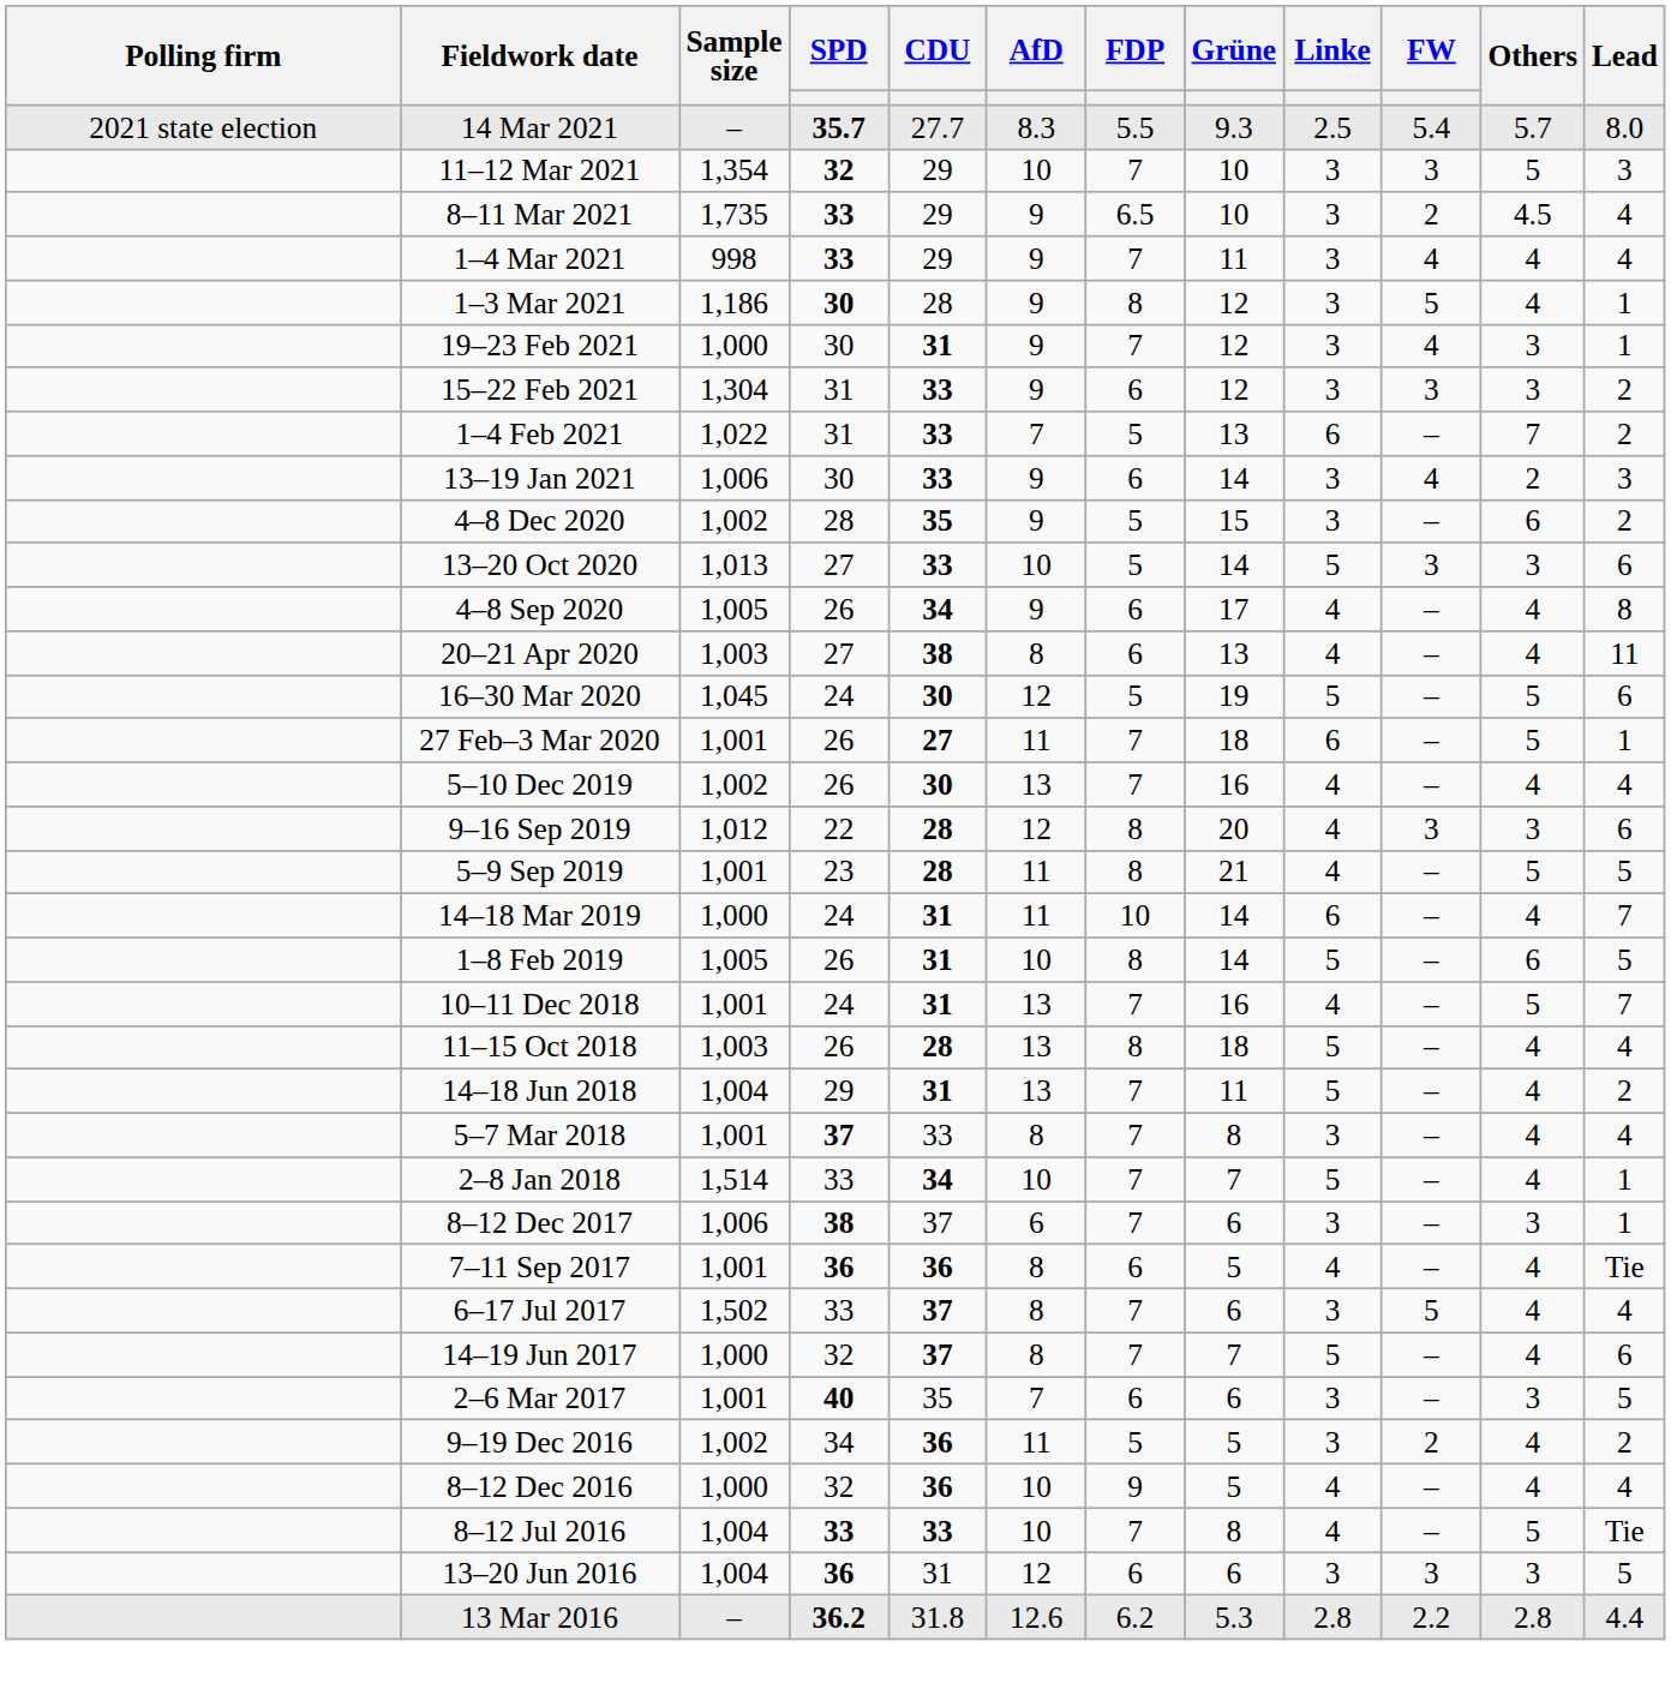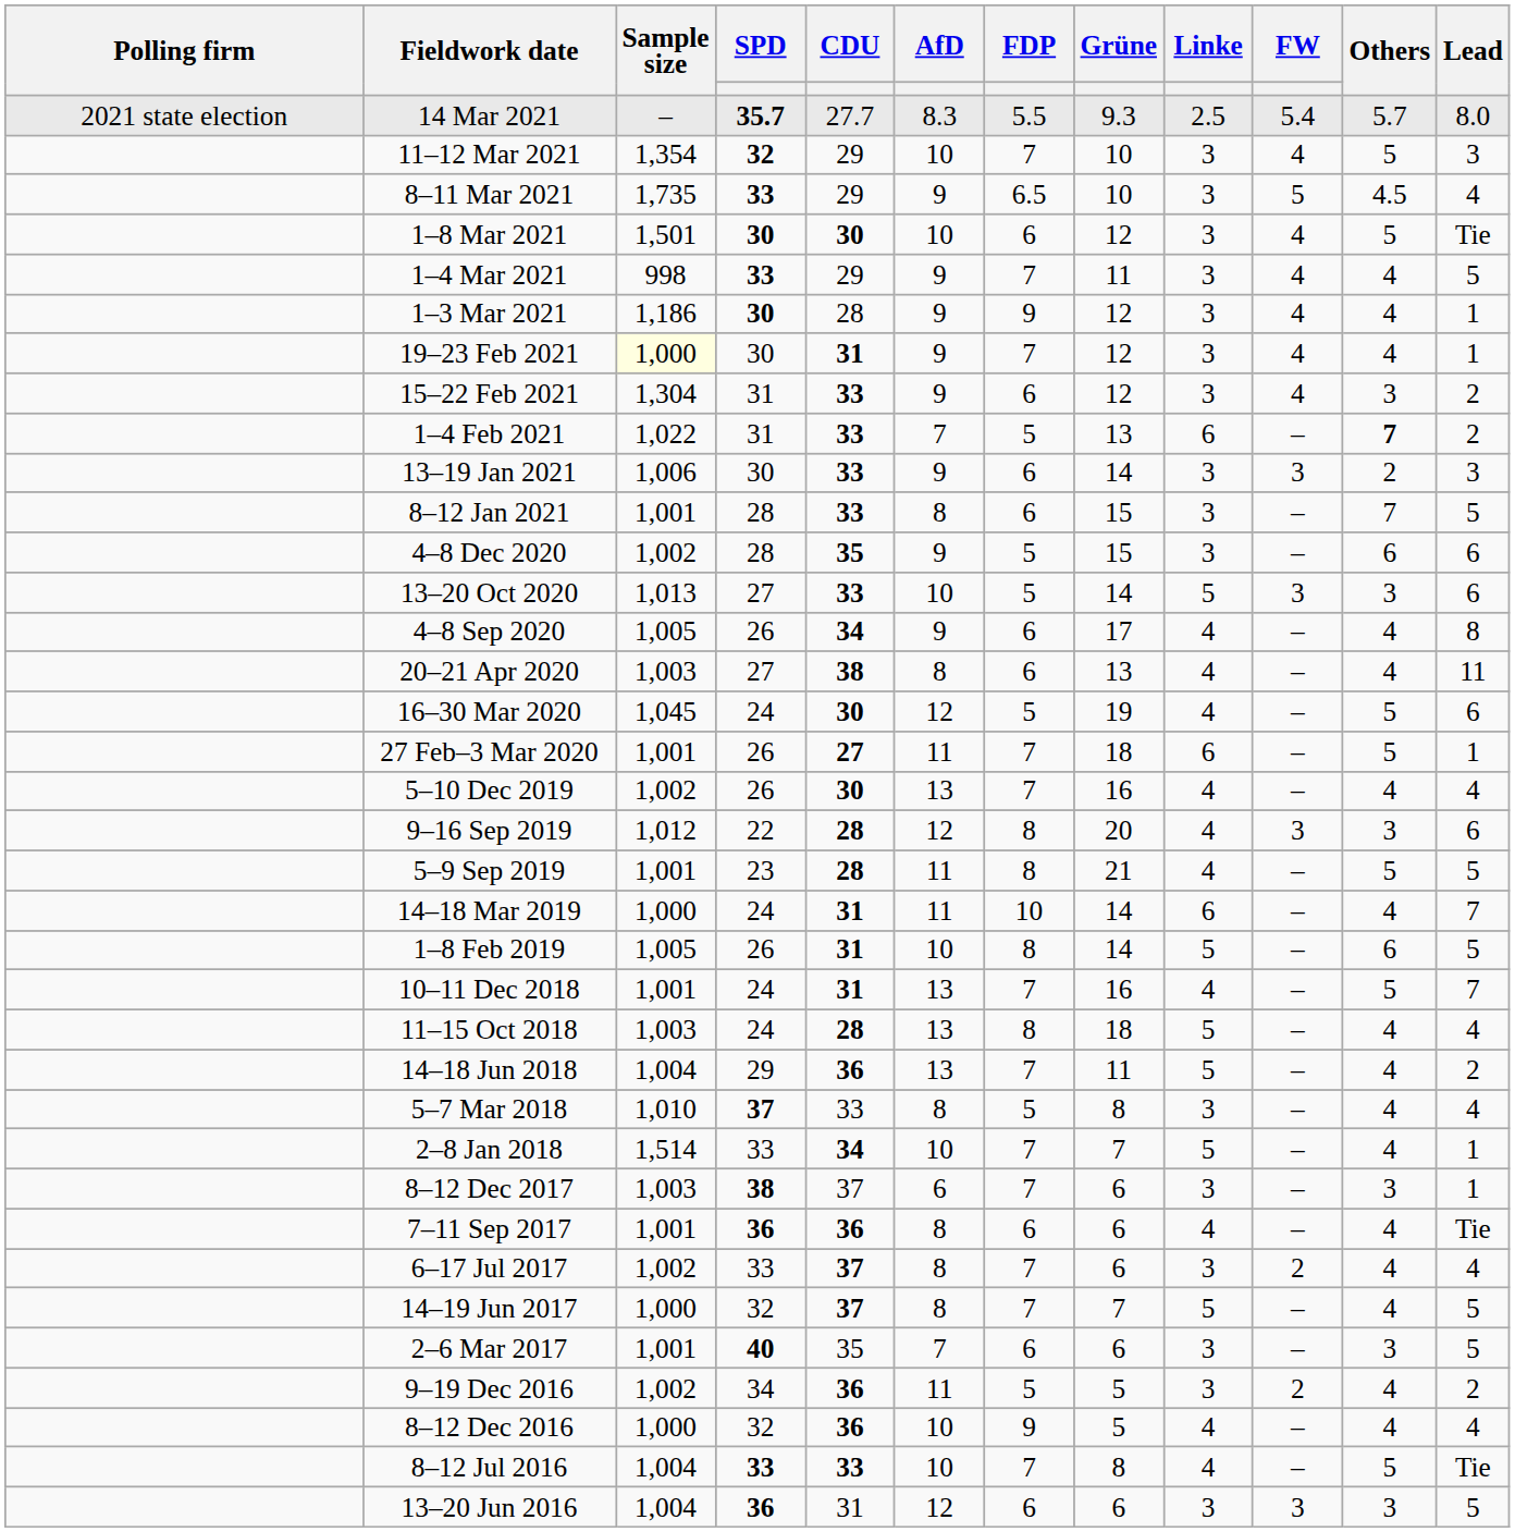 <table class="wikitable sortable" style="text-align:center;font-size:90%;line-height:14px;">
 <tr style="height:40px;">
 <th style="width:180px;" rowspan="2">Polling firm</th>
 <th style="width:125px;" rowspan="2">Fieldwork date</th>
 <th style="width:35px;" rowspan="2">Sample<br>size</th>
 <th class="unsortable" style="width:40px;"><a href='#'>SPD</a></th>
 <th class="unsortable" style="width:40px;"><a href='#'>CDU</a></th>
 <th class="unsortable" style="width:40px;"><a href='#'>AfD</a></th>
 <th class="unsortable" style="width:40px;"><a href='#'>FDP</a></th>
 <th class="unsortable" style="width:40px;"><a href='#'>Grüne</a></th>
 <th class="unsortable" style="width:40px;"><a href='#'>Linke</a></th>
 <th class="unsortable" style="width:40px;"><a href='#'>FW</a></th>
 <th class="unsortable" style="width:40px;" rowspan="2">Others</th>
 <th style="width:30px;" rowspan="2">Lead</th>
 </tr>
 <tr>
 <th style="background:"></th>
 <th style="background:"></th>
 <th style="background:"></th>
 <th style="background:"></th>
 <th style="background:"></th>
 <th style="background:"></th>
 <th style="background:"></th>
 </tr>
 <tr style="background:#E9E9E9;">
 <td>2021 state election</td>
 <td data-sort-value="2021-03-14">14 Mar 2021</td>
 <td>–</td>
 <td><strong>35.7</strong></td>
 <td>27.7</td>
 <td>8.3</td>
 <td>5.5</td>
 <td>9.3</td>
 <td>2.5</td>
 <td>5.4</td>
 <td>5.7</td>
 <td style="background:">8.0</td>
 </tr>
 <tr>
 <td></td>
 <td data-sort-value="2021-03-12">11–12 Mar 2021</td>
 <td>1,354</td>
 <td><strong>32</strong></td>
 <td>29</td>
 <td>10</td>
 <td>7</td>
 <td>10</td>
 <td>3</td>
-<td>3</td>
+<td>4</td>
 <td>5</td>
 <td style="background:">3</td>
 </tr>
 <tr>
 <td></td>
 <td data-sort-value="2021-03-11">8–11 Mar 2021</td>
 <td>1,735</td>
 <td><strong>33</strong></td>
 <td>29</td>
 <td>9</td>
 <td>6.5</td>
 <td>10</td>
 <td>3</td>
-<td>2</td>
+<td>5</td>
 <td>4.5</td>
 <td style="background:">4</td>
+</tr>
+<tr>
+<td></td>
+<td data-sort-value="2021-03-09">1–8 Mar 2021</td>
+<td>1,501</td>
+<td><strong>30</strong></td>
+<td><strong>30</strong></td>
+<td>10</td>
+<td>6</td>
+<td>12</td>
+<td>3</td>
+<td>4</td>
+<td>5</td>
+<td data-sort-value="0">Tie</td>
 </tr>
 <tr>
 <td></td>
 <td data-sort-value="2021-03-05">1–4 Mar 2021</td>
 <td>998</td>
 <td><strong>33</strong></td>
 <td>29</td>
 <td>9</td>
 <td>7</td>
 <td>11</td>
 <td>3</td>
 <td>4</td>
 <td>4</td>
-<td style="background:">4</td>
+<td style="background:">5</td>
 </tr>
 <tr>
 <td></td>
 <td data-sort-value="2021-03-04">1–3 Mar 2021</td>
 <td>1,186</td>
 <td><strong>30</strong></td>
 <td>28</td>
 <td>9</td>
-<td>8</td>
+<td>9</td>
 <td>12</td>
 <td>3</td>
-<td>5</td>
+<td>4</td>
 <td>4</td>
 <td style="background:">1</td>
 </tr>
 <tr>
 <td></td>
 <td data-sort-value="2021-02-25">19–23 Feb 2021</td>
-<td>1,000</td>
+<td style="background: lightyellow;">1,000</td>
 <td>30</td>
 <td><strong>31</strong></td>
 <td>9</td>
 <td>7</td>
 <td>12</td>
 <td>3</td>
 <td>4</td>
-<td>3</td>
+<td>4</td>
 <td style="background:">1</td>
 </tr>
 <tr>
 <td></td>
 <td data-sort-value="2021-02-23">15–22 Feb 2021</td>
 <td>1,304</td>
 <td>31</td>
 <td><strong>33</strong></td>
 <td>9</td>
 <td>6</td>
 <td>12</td>
 <td>3</td>
-<td>3</td>
+<td>4</td>
 <td>3</td>
 <td style="background:">2</td>
 </tr>
 <tr>
 <td></td>
 <td data-sort-value="2021-02-05">1–4 Feb 2021</td>
 <td>1,022</td>
 <td>31</td>
 <td><strong>33</strong></td>
 <td>7</td>
 <td>5</td>
 <td>13</td>
 <td>6</td>
 <td>–</td>
-<td>7</td>
+<td><strong>7</strong></td>
 <td style="background:">2</td>
 </tr>
 <tr>
 <td></td>
 <td data-sort-value="2021-01-23">13–19 Jan 2021</td>
 <td>1,006</td>
 <td>30</td>
 <td><strong>33</strong></td>
 <td>9</td>
 <td>6</td>
 <td>14</td>
 <td>3</td>
-<td>4</td>
+<td>3</td>
 <td>2</td>
 <td style="background:">3</td>
+</tr>
+<tr>
+<td></td>
+<td data-sort-value="2021-01-14">8–12 Jan 2021</td>
+<td>1,001</td>
+<td>28</td>
+<td><strong>33</strong></td>
+<td>8</td>
+<td>6</td>
+<td>15</td>
+<td>3</td>
+<td>–</td>
+<td>7</td>
+<td style="background:">5</td>
 </tr>
 <tr>
 <td></td>
 <td data-sort-value="2020-12-10">4–8 Dec 2020</td>
 <td>1,002</td>
 <td>28</td>
 <td><strong>35</strong></td>
 <td>9</td>
 <td>5</td>
 <td>15</td>
 <td>3</td>
 <td>–</td>
 <td>6</td>
-<td style="background:">2</td>
+<td style="background:">6</td>
 </tr>
 <tr>
 <td></td>
 <td data-sort-value="2020-10-21">13–20 Oct 2020</td>
 <td>1,013</td>
 <td>27</td>
 <td><strong>33</strong></td>
 <td>10</td>
 <td>5</td>
 <td>14</td>
 <td>5</td>
 <td>3</td>
 <td>3</td>
 <td style="background:">6</td>
 </tr>
 <tr>
 <td></td>
 <td data-sort-value="2020-09-10">4–8 Sep 2020</td>
 <td>1,005</td>
 <td>26</td>
 <td><strong>34</strong></td>
 <td>9</td>
 <td>6</td>
 <td>17</td>
 <td>4</td>
 <td>–</td>
 <td>4</td>
 <td style="background:">8</td>
 </tr>
 <tr>
 <td></td>
 <td data-sort-value="2020-04-23">20–21 Apr 2020</td>
 <td>1,003</td>
 <td>27</td>
 <td><strong>38</strong></td>
 <td>8</td>
 <td>6</td>
 <td>13</td>
 <td>4</td>
 <td>–</td>
 <td>4</td>
 <td style="background:">11</td>
 </tr>
 <tr>
 <td></td>
 <td data-sort-value="2020-04-15">16–30 Mar 2020</td>
 <td>1,045</td>
 <td>24</td>
 <td><strong>30</strong></td>
 <td>12</td>
 <td>5</td>
 <td>19</td>
-<td>5</td>
+<td>4</td>
 <td>–</td>
 <td>5</td>
 <td style="background:">6</td>
 </tr>
 <tr>
 <td></td>
 <td data-sort-value="2020-03-05">27 Feb–3 Mar 2020</td>
 <td>1,001</td>
 <td>26</td>
 <td><strong>27</strong></td>
 <td>11</td>
 <td>7</td>
 <td>18</td>
 <td>6</td>
 <td>–</td>
 <td>5</td>
 <td style="background:">1</td>
 </tr>
 <tr>
 <td></td>
 <td data-sort-value="2019-12-12">5–10 Dec 2019</td>
 <td>1,002</td>
 <td>26</td>
 <td><strong>30</strong></td>
 <td>13</td>
 <td>7</td>
 <td>16</td>
 <td>4</td>
 <td>–</td>
 <td>4</td>
 <td style="background:">4</td>
 </tr>
 <tr>
 <td></td>
 <td data-sort-value="2019-09-18">9–16 Sep 2019</td>
 <td>1,012</td>
 <td>22</td>
 <td><strong>28</strong></td>
 <td>12</td>
 <td>8</td>
 <td>20</td>
 <td>4</td>
 <td>3</td>
 <td>3</td>
 <td style="background:">6</td>
 </tr>
 <tr>
 <td></td>
 <td data-sort-value="2019-09-12">5–9 Sep 2019</td>
 <td>1,001</td>
 <td>23</td>
 <td><strong>28</strong></td>
 <td>11</td>
 <td>8</td>
 <td>21</td>
 <td>4</td>
 <td>–</td>
 <td>5</td>
 <td style="background:">5</td>
 </tr>
 <tr>
 <td></td>
 <td data-sort-value="2019-03-21">14–18 Mar 2019</td>
 <td>1,000</td>
 <td>24</td>
 <td><strong>31</strong></td>
 <td>11</td>
 <td>10</td>
 <td>14</td>
 <td>6</td>
 <td>–</td>
 <td>4</td>
 <td style="background:">7</td>
 </tr>
 <tr>
 <td></td>
 <td data-sort-value="2019-02-11">1–8 Feb 2019</td>
 <td>1,005</td>
 <td>26</td>
 <td><strong>31</strong></td>
 <td>10</td>
 <td>8</td>
 <td>14</td>
 <td>5</td>
 <td>–</td>
 <td>6</td>
 <td style="background:">5</td>
 </tr>
 <tr>
 <td></td>
 <td data-sort-value="2018-12-13">10–11 Dec 2018</td>
 <td>1,001</td>
 <td>24</td>
 <td><strong>31</strong></td>
 <td>13</td>
 <td>7</td>
 <td>16</td>
 <td>4</td>
 <td>–</td>
 <td>5</td>
 <td style="background:">7</td>
 </tr>
 <tr>
 <td></td>
 <td data-sort-value="2018-10-18">11–15 Oct 2018</td>
 <td>1,003</td>
-<td>26</td>
+<td>24</td>
 <td><strong>28</strong></td>
 <td>13</td>
 <td>8</td>
 <td>18</td>
 <td>5</td>
 <td>–</td>
 <td>4</td>
 <td style="background:">4</td>
 </tr>
 <tr>
 <td></td>
 <td data-sort-value="2018-06-21">14–18 Jun 2018</td>
 <td>1,004</td>
 <td>29</td>
-<td><strong>31</strong></td>
+<td><strong>36</strong></td>
 <td>13</td>
 <td>7</td>
 <td>11</td>
 <td>5</td>
 <td>–</td>
 <td>4</td>
 <td style="background:">2</td>
 </tr>
 <tr>
 <td></td>
 <td data-sort-value="2018-03-08">5–7 Mar 2018</td>
-<td>1,001</td>
+<td>1,010</td>
 <td><strong>37</strong></td>
 <td>33</td>
 <td>8</td>
-<td>7</td>
+<td>5</td>
 <td>8</td>
 <td>3</td>
 <td>–</td>
 <td>4</td>
 <td style="background:">4</td>
 </tr>
 <tr>
 <td></td>
 <td data-sort-value="2018-01-10">2–8 Jan 2018</td>
 <td>1,514</td>
 <td>33</td>
 <td><strong>34</strong></td>
 <td>10</td>
 <td>7</td>
 <td>7</td>
 <td>5</td>
 <td>–</td>
 <td>4</td>
 <td style="background:">1</td>
 </tr>
 <tr>
 <td></td>
 <td data-sort-value="2017-12-14">8–12 Dec 2017</td>
-<td>1,006</td>
+<td>1,003</td>
 <td><strong>38</strong></td>
 <td>37</td>
 <td>6</td>
 <td>7</td>
 <td>6</td>
 <td>3</td>
 <td>–</td>
 <td>3</td>
 <td style="background:">1</td>
 </tr>
 <tr>
 <td></td>
 <td data-sort-value="2017-09-14">7–11 Sep 2017</td>
 <td>1,001</td>
 <td><strong>36</strong></td>
 <td><strong>36</strong></td>
 <td>8</td>
 <td>6</td>
-<td>5</td>
+<td>6</td>
 <td>4</td>
 <td>–</td>
 <td>4</td>
 <td data-sort-value="0">Tie</td>
 </tr>
 <tr>
 <td></td>
 <td data-sort-value="2017-07-19">6–17 Jul 2017</td>
-<td>1,502</td>
+<td>1,002</td>
 <td>33</td>
 <td><strong>37</strong></td>
 <td>8</td>
 <td>7</td>
 <td>6</td>
 <td>3</td>
-<td>5</td>
+<td>2</td>
 <td>4</td>
 <td style="background:">4</td>
 </tr>
 <tr>
 <td></td>
 <td data-sort-value="2017-06-22">14–19 Jun 2017</td>
 <td>1,000</td>
 <td>32</td>
 <td><strong>37</strong></td>
 <td>8</td>
 <td>7</td>
 <td>7</td>
 <td>5</td>
 <td>–</td>
 <td>4</td>
-<td style="background:">6</td>
+<td style="background:">5</td>
 </tr>
 <tr>
 <td></td>
 <td data-sort-value="2017-03-09">2–6 Mar 2017</td>
 <td>1,001</td>
 <td><strong>40</strong></td>
 <td>35</td>
 <td>7</td>
 <td>6</td>
 <td>6</td>
 <td>3</td>
 <td>–</td>
 <td>3</td>
 <td style="background:">5</td>
 </tr>
 <tr>
 <td></td>
 <td data-sort-value="2016-12-23">9–19 Dec 2016</td>
 <td>1,002</td>
 <td>34</td>
 <td><strong>36</strong></td>
 <td>11</td>
 <td>5</td>
 <td>5</td>
 <td>3</td>
 <td>2</td>
 <td>4</td>
 <td style="background:">2</td>
 </tr>
 <tr>
 <td></td>
 <td data-sort-value="2016-12-15">8–12 Dec 2016</td>
 <td>1,000</td>
 <td>32</td>
 <td><strong>36</strong></td>
 <td>10</td>
 <td>9</td>
 <td>5</td>
 <td>4</td>
 <td>–</td>
 <td>4</td>
 <td style="background:">4</td>
 </tr>
 <tr>
 <td></td>
 <td data-sort-value="2016-07-14">8–12 Jul 2016</td>
 <td>1,004</td>
 <td><strong>33</strong></td>
 <td><strong>33</strong></td>
 <td>10</td>
 <td>7</td>
 <td>8</td>
 <td>4</td>
 <td>–</td>
 <td>5</td>
 <td data-sort-value="0">Tie</td>
 </tr>
 <tr>
 <td></td>
 <td data-sort-value="2016-06-22">13–20 Jun 2016</td>
 <td>1,004</td>
 <td><strong>36</strong></td>
 <td>31</td>
 <td>12</td>
 <td>6</td>
 <td>6</td>
 <td>3</td>
 <td>3</td>
 <td>3</td>
 <td style="background:">5</td>
 </tr>
-<tr style="background:#E9E9E9;">
-<td></td>
-<td data-sort-value="2016-03-13">13 Mar 2016</td>
-<td>–</td>
-<td><strong>36.2</strong></td>
-<td>31.8</td>
-<td>12.6</td>
-<td>6.2</td>
-<td>5.3</td>
-<td>2.8</td>
-<td>2.2</td>
-<td>2.8</td>
-<td style="background:">4.4</td>
-</tr>
 </table>
